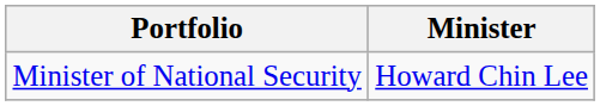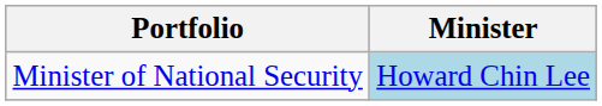 <table class="wikitable">
 <tr>
 <th>Portfolio</th>
 <th colspan=2>Minister</th>
 </tr>
 <tr>
 <td><a href='#'>Minister of National Security</a></td>
-<td><a href='#'>Howard Chin Lee</a></td>
+<td style="background: lightblue;"><a href='#'>Howard Chin Lee</a></td>
 </tr>
 </table>
